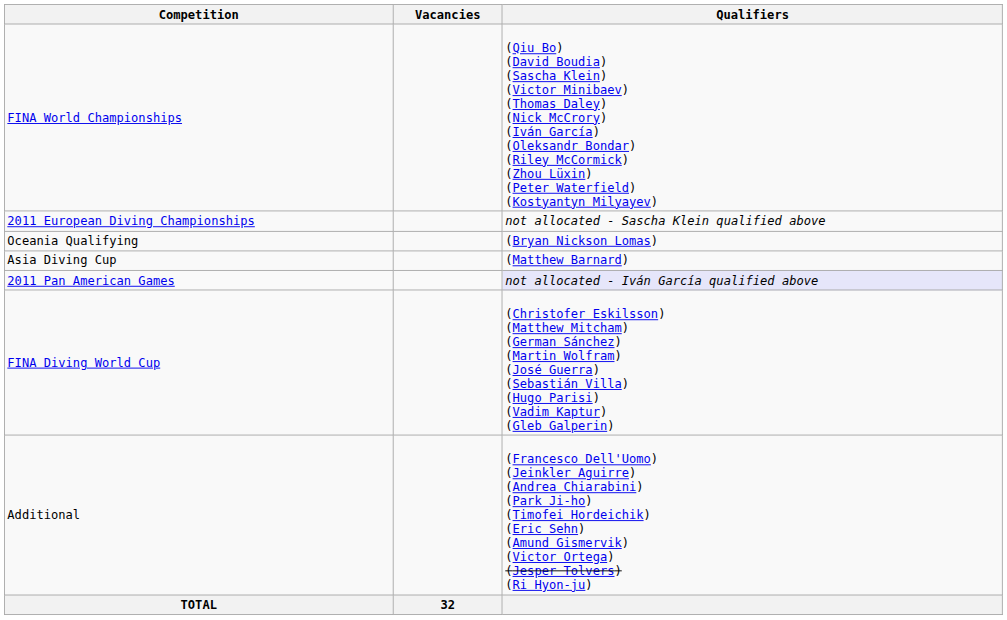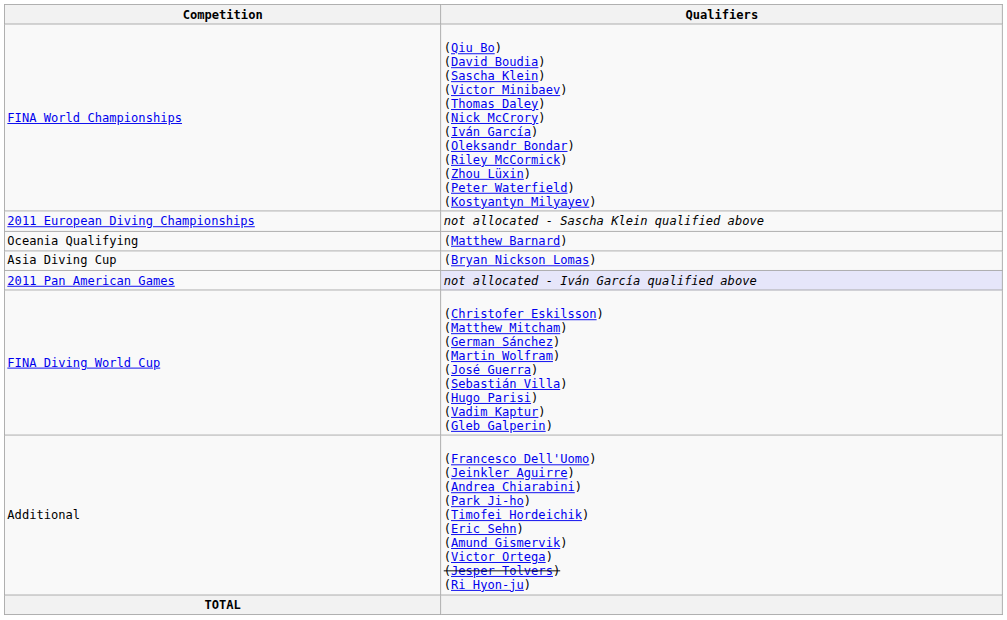 <table class="wikitable" width=85%>
 <tr>
 <th>Competition</th>
-<th>Vacancies</th>
 <th>Qualifiers</th>
 </tr>
 <tr>
 <td><a href='#'>FINA World Championships</a></td>
-<td></td>
 <td><br> (<a href='#'>Qiu Bo</a>)<br>  (<a href='#'>David Boudia</a>)<br>  (<a href='#'>Sascha Klein</a>)<br>  (<a href='#'>Victor Minibaev</a>)<br>  (<a href='#'>Thomas Daley</a>)<br>  (<a href='#'>Nick McCrory</a>)<br>  (<a href='#'>Iván García</a>)<br>  (<a href='#'>Oleksandr Bondar</a>)<br>  (<a href='#'>Riley McCormick</a>)<br>  (<a href='#'>Zhou Lüxin</a>)<br>  (<a href='#'>Peter Waterfield</a>)<br>  (<a href='#'>Kostyantyn Milyayev</a>)</td>
 </tr>
 <tr>
 <td><a href='#'>2011 European Diving Championships</a></td>
-<td></td>
 <td><em>not allocated - Sascha Klein qualified above</em></td>
 </tr>
 <tr>
 <td>Oceania Qualifying</td>
-<td></td>
+<td> (<a href='#'>Matthew Barnard</a>)</td>
+</tr>
+<tr>
+<td>Asia Diving Cup</td>
 <td> (<a href='#'>Bryan Nickson Lomas</a>)</td>
 </tr>
 <tr>
-<td>Asia Diving Cup</td>
-<td></td>
-<td> (<a href='#'>Matthew Barnard</a>)</td>
-</tr>
-<tr>
 <td><a href='#'>2011 Pan American Games</a></td>
-<td></td>
 <td style="background: lavender;"><em>not allocated - Iván García qualified above</em></td>
 </tr>
 <tr>
 <td><a href='#'>FINA Diving World Cup</a></td>
-<td></td>
 <td><br> (<a href='#'>Christofer Eskilsson</a>)<br>  (<a href='#'>Matthew Mitcham</a>)<br>  (<a href='#'>German Sánchez</a>)<br>  (<a href='#'>Martin Wolfram</a>)<br>  (<a href='#'>José Guerra</a>)<br>  (<a href='#'>Sebastián Villa</a>)<br>  (<a href='#'>Hugo Parisi</a>)<br>  (<a href='#'>Vadim Kaptur</a>)<br>  (<a href='#'>Gleb Galperin</a>)<br></td>
 </tr>
 <tr>
 <td>Additional</td>
-<td></td>
 <td><br> (<a href='#'>Francesco Dell'Uomo</a>)<br>  (<a href='#'>Jeinkler Aguirre</a>)<br>  (<a href='#'>Andrea Chiarabini</a>)<br>  (<a href='#'>Park Ji-ho</a>)<br>  (<a href='#'>Timofei Hordeichik</a>)<br>  (<a href='#'>Eric Sehn</a>)<br>  (<a href='#'>Amund Gismervik</a>)<br>  (<a href='#'>Victor Ortega</a>)<br> <s> (<a href='#'>Jesper Tolvers</a>)</s><br>  (<a href='#'>Ri Hyon-ju</a>)<br></td>
 </tr>
 <tr>
 <th>TOTAL</th>
-<th>32</th>
 <th></th>
 </tr>
 </table>
